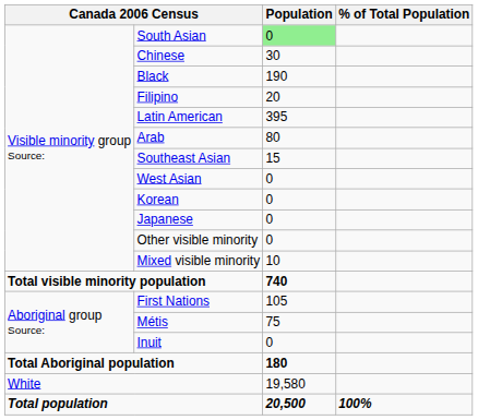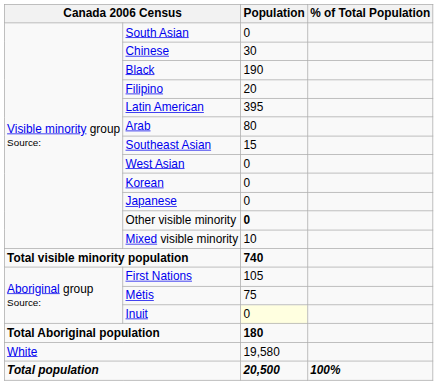 <table class="wikitable">
 <tr>
 <th colspan="2">Canada 2006 Census</th>
 <th>Population</th>
 <th>% of Total Population</th>
 </tr>
 <tr>
 <td rowspan="12"><a href='#'>Visible minority</a> group<br><small>Source:</small></td>
 <td><a href='#'>South Asian</a></td>
-<td style="background: lightgreen;">0</td>
+<td>0</td>
 <td></td>
 </tr>
 <tr>
 <td><a href='#'>Chinese</a></td>
 <td>30</td>
 <td></td>
 </tr>
 <tr>
 <td><a href='#'>Black</a></td>
 <td>190</td>
 <td></td>
 </tr>
 <tr>
 <td><a href='#'>Filipino</a></td>
 <td>20</td>
 <td></td>
 </tr>
 <tr>
 <td><a href='#'>Latin American</a></td>
 <td>395</td>
 <td></td>
 </tr>
 <tr>
 <td><a href='#'>Arab</a></td>
 <td>80</td>
 <td></td>
 </tr>
 <tr>
 <td><a href='#'>Southeast Asian</a></td>
 <td>15</td>
 <td></td>
 </tr>
 <tr>
 <td><a href='#'>West Asian</a></td>
 <td>0</td>
 <td></td>
 </tr>
 <tr>
 <td><a href='#'>Korean</a></td>
 <td>0</td>
 <td></td>
 </tr>
 <tr>
 <td><a href='#'>Japanese</a></td>
 <td>0</td>
 <td></td>
 </tr>
 <tr>
 <td>Other visible minority</td>
-<td>0</td>
+<td><strong>0</strong></td>
 <td></td>
 </tr>
 <tr>
 <td><a href='#'>Mixed</a> visible minority</td>
 <td>10</td>
 <td></td>
 </tr>
 <tr>
 <td colspan="2"><strong>Total visible minority population</strong></td>
 <td><strong>740</strong></td>
 <td><strong></strong></td>
 </tr>
 <tr>
 <td rowspan="3"><a href='#'>Aboriginal</a> group<br><small>Source:</small></td>
 <td><a href='#'>First Nations</a></td>
 <td>105</td>
 <td></td>
 </tr>
 <tr>
 <td><a href='#'>Métis</a></td>
 <td>75</td>
 <td></td>
 </tr>
 <tr>
 <td><a href='#'>Inuit</a></td>
-<td>0</td>
+<td style="background: lightyellow;">0</td>
 <td></td>
 </tr>
 <tr>
 <td colspan="2"><strong>Total Aboriginal population</strong></td>
 <td><strong>180</strong></td>
 <td><strong></strong></td>
 </tr>
 <tr>
 <td colspan="2"><a href='#'>White</a></td>
 <td>19,580</td>
 <td></td>
 </tr>
 <tr>
 <td colspan="2"><strong><em>Total population</em></strong></td>
 <td><strong><em>20,500</em></strong></td>
 <td><strong><em>100%</em></strong></td>
 </tr>
 </table>
